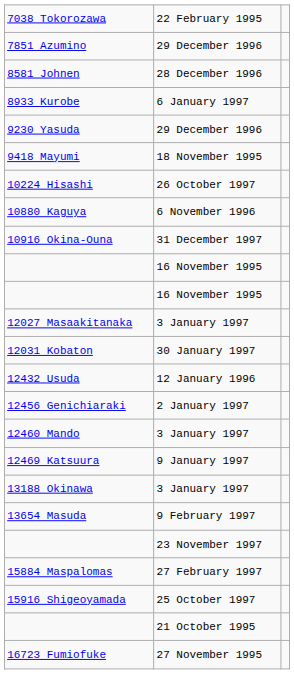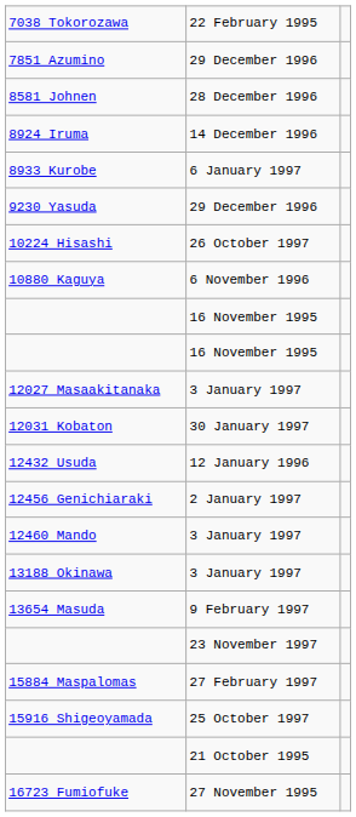 <table class="wikitable" style="font-size: 89%; float: left; width: 26em; margin-right: 1em; height: 700px;">
 <tr>
 <td><a href='#'>7038 Tokorozawa</a></td>
 <td>22 February 1995</td>
 <td> </td>
 </tr>
 <tr>
 <td><a href='#'>7851 Azumino</a></td>
 <td>29 December 1996</td>
 <td></td>
 </tr>
 <tr>
 <td><a href='#'>8581 Johnen</a></td>
 <td>28 December 1996</td>
 <td></td>
 </tr>
 <tr>
+<td><a href='#'>8924 Iruma</a></td>
+<td>14 December 1996</td>
+<td></td>
+</tr>
+<tr>
 <td><a href='#'>8933 Kurobe</a></td>
 <td>6 January 1997</td>
 <td></td>
 </tr>
 <tr>
 <td><a href='#'>9230 Yasuda</a></td>
 <td>29 December 1996</td>
 <td></td>
 </tr>
 <tr>
-<td><a href='#'>9418 Mayumi</a></td>
-<td>18 November 1995</td>
-<td> </td>
-</tr>
-<tr>
 <td><a href='#'>10224 Hisashi</a></td>
 <td>26 October 1997</td>
 <td></td>
 </tr>
 <tr>
 <td><a href='#'>10880 Kaguya</a></td>
 <td>6 November 1996</td>
-<td></td>
-</tr>
-<tr>
-<td><a href='#'>10916 Okina-Ouna</a></td>
-<td>31 December 1997</td>
 <td></td>
 </tr>
 <tr>
 <td></td>
 <td>16 November 1995</td>
 <td> </td>
 </tr>
 <tr>
 <td></td>
 <td>16 November 1995</td>
 <td> </td>
 </tr>
 <tr>
 <td><a href='#'>12027 Masaakitanaka</a></td>
 <td>3 January 1997</td>
 <td></td>
 </tr>
 <tr>
 <td><a href='#'>12031 Kobaton</a></td>
 <td>30 January 1997</td>
 <td></td>
 </tr>
 <tr>
 <td><a href='#'>12432 Usuda</a></td>
 <td>12 January 1996</td>
 <td> </td>
 </tr>
 <tr>
 <td><a href='#'>12456 Genichiaraki</a></td>
 <td>2 January 1997</td>
 <td></td>
 </tr>
 <tr>
 <td><a href='#'>12460 Mando</a></td>
 <td>3 January 1997</td>
 <td></td>
 </tr>
 <tr>
-<td><a href='#'>12469 Katsuura</a></td>
-<td>9 January 1997</td>
-<td></td>
-</tr>
-<tr>
 <td><a href='#'>13188 Okinawa</a></td>
 <td>3 January 1997</td>
 <td></td>
 </tr>
 <tr>
 <td><a href='#'>13654 Masuda</a></td>
 <td>9 February 1997</td>
 <td></td>
 </tr>
 <tr>
 <td></td>
 <td>23 November 1997</td>
 <td></td>
 </tr>
 <tr>
 <td><a href='#'>15884 Maspalomas</a></td>
 <td>27 February 1997</td>
 <td></td>
 </tr>
 <tr>
 <td><a href='#'>15916 Shigeoyamada</a></td>
 <td>25 October 1997</td>
 <td></td>
 </tr>
 <tr>
 <td></td>
 <td>21 October 1995</td>
 <td> </td>
 </tr>
 <tr>
 <td><a href='#'>16723 Fumiofuke</a></td>
 <td>27 November 1995</td>
 <td> </td>
 </tr>
 </table>
